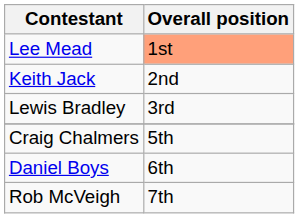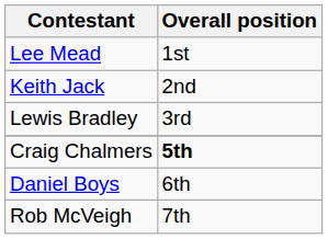 <table class="wikitable">
 <tr>
 <th>Contestant</th>
 <th>Overall position</th>
 </tr>
 <tr>
 <td><a href='#'>Lee Mead</a></td>
-<td style="background: lightsalmon;">1st</td>
+<td>1st</td>
 </tr>
 <tr>
 <td><a href='#'>Keith Jack</a></td>
 <td>2nd</td>
 </tr>
 <tr>
 <td>Lewis Bradley</td>
 <td>3rd</td>
 </tr>
 <tr>
 </tr>
 <tr Ben Ellis || 4th>
 </tr>
 <tr>
 <td>Craig Chalmers</td>
-<td>5th</td>
+<td><strong>5th</strong></td>
 </tr>
 <tr>
 <td><a href='#'>Daniel Boys</a></td>
 <td>6th</td>
 </tr>
 <tr>
 <td>Rob McVeigh</td>
 <td>7th</td>
 </tr>
 </table>
